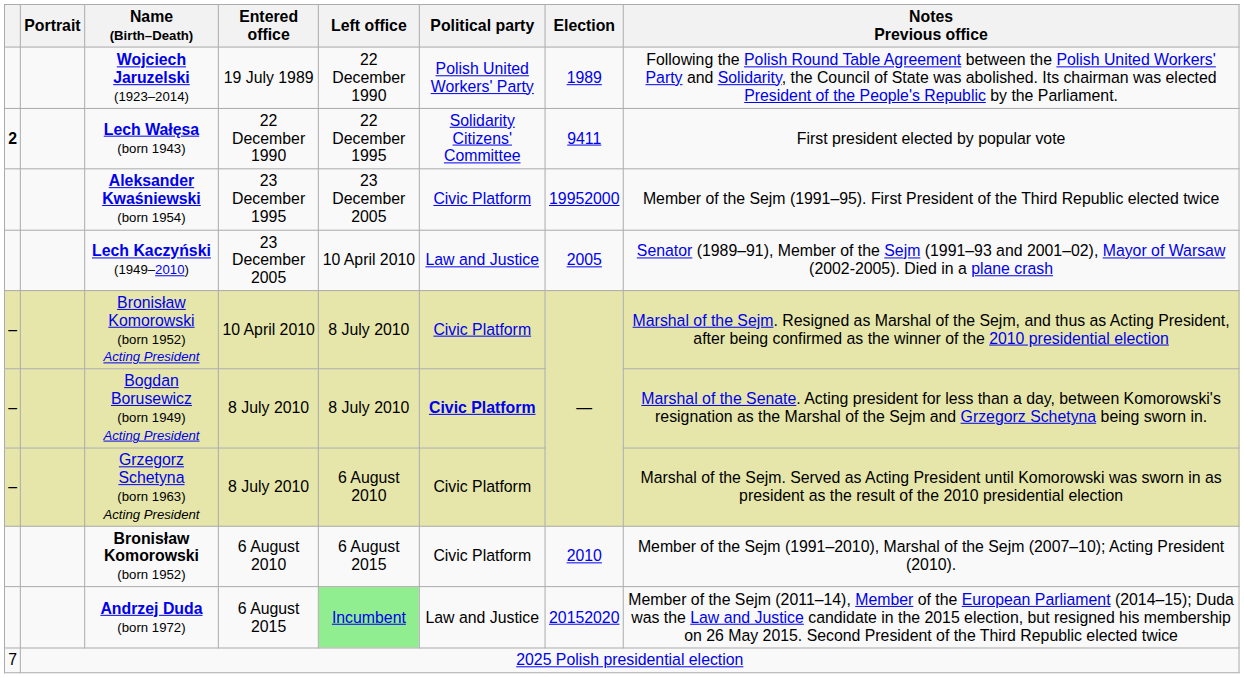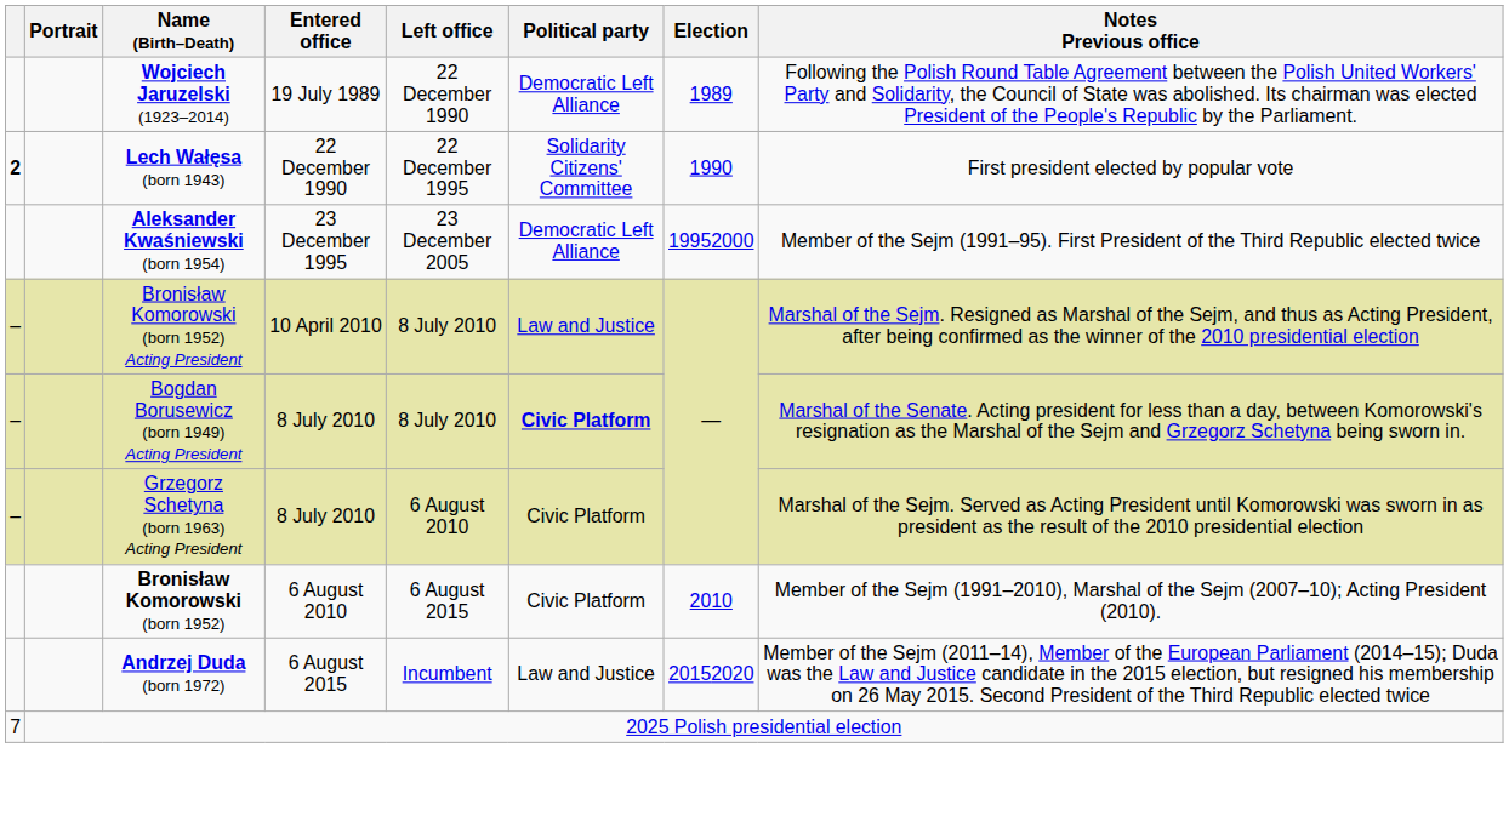 <table class="wikitable" style="text-align:center">
 <tr>
 <th></th>
 <th>Portrait</th>
 <th>Name<br><small>(Birth–Death)</small></th>
 <th>Entered office</th>
 <th>Left office</th>
 <th>Political party</th>
 <th>Election</th>
 <th>Notes<br>Previous office</th>
 </tr>
 <tr>
 <td style="background:"><strong></strong></td>
 <td></td>
 <td><strong><a href='#'>Wojciech Jaruzelski</a></strong><br><small>(1923–2014)</small></td>
 <td>19 July 1989</td>
 <td>22 December 1990</td>
-<td><a href='#'>Polish United Workers' Party</a></td>
+<td><a href='#'>Democratic Left Alliance</a></td>
 <td><a href='#'>1989</a></td>
 <td>Following the <a href='#'>Polish Round Table Agreement</a> between the <a href='#'>Polish United Workers' Party</a> and <a href='#'>Solidarity</a>, the Council of State was abolished. Its chairman was elected <a href='#'>President of the People's Republic</a> by the Parliament.</td>
 </tr>
 <tr>
 <td style="background:"><strong>2</strong></td>
 <td></td>
 <td><strong><a href='#'>Lech Wałęsa</a></strong><br><small>(born 1943)</small></td>
 <td>22 December 1990</td>
 <td>22 December 1995</td>
 <td><a href='#'>Solidarity Citizens' Committee</a></td>
-<td><a href='#'>9411</a></td>
+<td><a href='#'>1990</a></td>
 <td>First president elected by popular vote</td>
 </tr>
 <tr>
 <td style="background:"><strong></strong></td>
 <td></td>
 <td><strong><a href='#'>Aleksander Kwaśniewski</a></strong><br><small>(born 1954)</small></td>
 <td>23 December 1995</td>
 <td>23 December 2005</td>
-<td><a href='#'>Civic Platform</a></td>
+<td><a href='#'>Democratic Left Alliance</a></td>
 <td><a href='#'>1995</a><a href='#'>2000</a></td>
 <td>Member of the Sejm (1991–95). First President of the Third Republic elected twice</td>
-</tr>
-<tr>
-<td style="background:"><strong></strong></td>
-<td></td>
-<td><strong><a href='#'>Lech Kaczyński</a></strong><br><small>(1949–<a href='#'>2010</a>)</small></td>
-<td>23 December 2005</td>
-<td>10 April 2010</td>
-<td><a href='#'>Law and Justice</a></td>
-<td><a href='#'>2005</a></td>
-<td><a href='#'>Senator</a> (1989–91), Member of the <a href='#'>Sejm</a> (1991–93 and 2001–02), <a href='#'>Mayor of Warsaw</a> (2002-2005). Died in a <a href='#'>plane crash</a></td>
 </tr>
 <tr style="background:#e6e6aa;">
 <td style="background:">–</td>
 <td></td>
 <td><a href='#'>Bronisław Komorowski</a><br><small>(born 1952)</small><br><small><em><a href='#'>Acting President</a></em></small></td>
 <td>10 April 2010</td>
 <td>8 July 2010</td>
-<td><a href='#'>Civic Platform</a></td>
+<td><a href='#'>Law and Justice</a></td>
 <td rowspan="3">—</td>
 <td><a href='#'>Marshal of the Sejm</a>. Resigned as Marshal of the Sejm, and thus as Acting President, after being confirmed as the winner of the <a href='#'>2010 presidential election</a></td>
 </tr>
 <tr style="background:#e6e6aa;">
 <td style="background:">–</td>
 <td></td>
 <td><a href='#'>Bogdan Borusewicz</a><br><small>(born 1949)</small><br><small><em><a href='#'>Acting President</a></em></small></td>
 <td>8 July 2010</td>
 <td>8 July 2010</td>
 <td><strong><a href='#'>Civic Platform</a></strong></td>
 <td><a href='#'>Marshal of the Senate</a>. Acting president for less than a day, between Komorowski's resignation as the Marshal of the Sejm and <a href='#'>Grzegorz Schetyna</a> being sworn in.</td>
 </tr>
 <tr style="background:#e6e6aa;">
 <td style="background:">–</td>
 <td></td>
 <td><a href='#'>Grzegorz Schetyna</a><br><small>(born 1963)</small><br><small><em>Acting President</em></small></td>
 <td>8 July 2010</td>
 <td>6 August 2010</td>
 <td>Civic Platform</td>
 <td>Marshal of the Sejm. Served as Acting President until Komorowski was sworn in as president as the result of the 2010 presidential election</td>
 </tr>
 <tr>
 <td style="background:"><strong></strong></td>
 <td></td>
 <td><strong>Bronisław Komorowski</strong><br><small>(born 1952)</small></td>
 <td>6 August 2010</td>
 <td>6 August 2015</td>
 <td>Civic Platform</td>
 <td><a href='#'>2010</a></td>
 <td>Member of the Sejm (1991–2010), Marshal of the Sejm (2007–10); Acting President (2010).</td>
 </tr>
 <tr>
 <td style="background:"><strong></strong></td>
 <td></td>
 <td><strong><a href='#'>Andrzej Duda</a></strong><br><small>(born 1972)</small></td>
 <td>6 August 2015</td>
-<td style="background: lightgreen;"><a href='#'>Incumbent</a></td>
+<td><a href='#'>Incumbent</a></td>
 <td>Law and Justice</td>
 <td><a href='#'>2015</a><a href='#'>2020</a></td>
 <td>Member of the Sejm (2011–14), <a href='#'>Member</a> of the <a href='#'>European Parliament</a> (2014–15); Duda was the <a href='#'>Law and Justice</a> candidate in the 2015 election, but resigned his membership on 26 May 2015. Second President of the Third Republic elected twice</td>
 </tr>
 <tr>
 <td>7</td>
 <td colspan=7><a href='#'>2025 Polish presidential election</a></td>
 </tr>
 </table>
